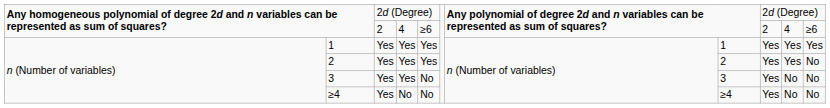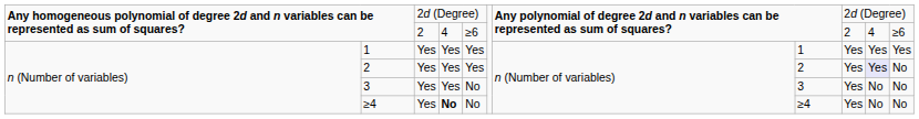 <table class="wikitable" style="margin-left: auto; margin-right: auto; border: none;">
 <tr>
 <td colspan="2" rowspan="2"><strong>Any homogeneous polynomial of degree 2<em>d</em> and <em>n</em> variables can be represented as sum of squares?</strong></td>
 <td colspan="3">2<em>d</em> (Degree)</td>
 <td rowspan="6"></td>
 <td colspan="2" rowspan="2"><strong>Any polynomial of degree 2<em>d</em> and <em>n</em> variables can be represented as sum of squares?</strong></td>
 <td colspan="3">2<em>d</em> (Degree)</td>
 </tr>
 <tr>
 <td>2</td>
 <td>4</td>
 <td>≥6</td>
 <td>2</td>
 <td>4</td>
 <td>≥6</td>
 </tr>
 <tr>
 <td rowspan="4"><em>n</em> (Number of variables)</td>
 <td>1</td>
 <td>Yes</td>
 <td>Yes</td>
 <td>Yes</td>
 <td rowspan="4"><em>n</em> (Number of variables)</td>
 <td>1</td>
 <td>Yes</td>
 <td>Yes</td>
 <td>Yes</td>
 </tr>
 <tr>
 <td>2</td>
 <td>Yes</td>
 <td>Yes</td>
 <td>Yes</td>
 <td>2</td>
 <td>Yes</td>
-<td>Yes</td>
+<td style="background: lavender;">Yes</td>
 <td>No</td>
 </tr>
 <tr>
 <td>3</td>
 <td>Yes</td>
 <td>Yes</td>
 <td>No</td>
 <td>3</td>
 <td>Yes</td>
 <td>No</td>
 <td>No</td>
 </tr>
 <tr>
 <td>≥4</td>
 <td>Yes</td>
-<td>No</td>
+<td><strong>No</strong></td>
 <td>No</td>
 <td>≥4</td>
 <td>Yes</td>
 <td>No</td>
 <td>No</td>
 </tr>
 </table>
